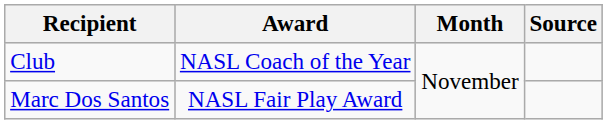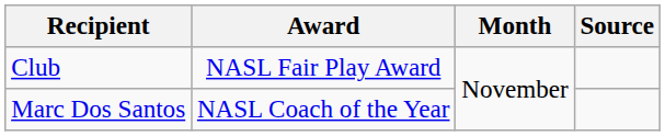 <table class="wikitable sortable" style="text-align:left; font-size:95%;">
 <tr>
 <th>Recipient</th>
 <th>Award</th>
 <th>Month</th>
 <th>Source</th>
 </tr>
 <tr>
 <td><a href='#'>Club</a></td>
-<td align=center><a href='#'>NASL Coach of the Year</a></td>
+<td align=center><a href='#'>NASL Fair Play Award</a></td>
 <td rowspan="2" style="text-align:center;">November</td>
 <td align=center></td>
 </tr>
 <tr>
 <td> <a href='#'>Marc Dos Santos</a></td>
-<td align=center><a href='#'>NASL Fair Play Award</a></td>
+<td align=center><a href='#'>NASL Coach of the Year</a></td>
 <td align=center></td>
 </tr>
 </table>
